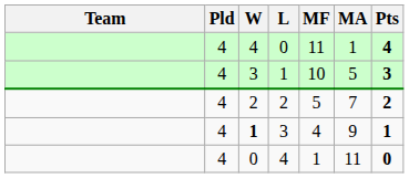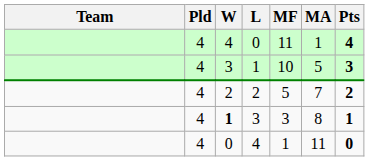 <table class=wikitable style="text-align:center">
 <tr>
 <th width=175>Team</th>
 <th width=20>Pld</th>
 <th width=20>W</th>
 <th width=20>L</th>
 <th width=20>MF</th>
 <th width=20>MA</th>
 <th width=20>Pts</th>
 </tr>
 <tr bgcolor=ccffcc>
 <td style="text-align:left"></td>
 <td>4</td>
 <td>4</td>
 <td>0</td>
 <td>11</td>
 <td>1</td>
 <td><strong>4</strong></td>
 </tr>
 <tr bgcolor=ccffcc style="border-bottom:2px solid green;">
 <td style="text-align:left"></td>
 <td>4</td>
 <td>3</td>
 <td>1</td>
 <td>10</td>
 <td>5</td>
 <td><strong>3</strong></td>
 </tr>
 <tr>
 <td style="text-align:left"></td>
 <td>4</td>
 <td>2</td>
 <td>2</td>
 <td>5</td>
 <td>7</td>
 <td><strong>2</strong></td>
 </tr>
 <tr>
 <td style="text-align:left"></td>
 <td>4</td>
 <td><strong>1</strong></td>
 <td>3</td>
-<td>4</td>
-<td>9</td>
+<td>3</td>
+<td>8</td>
 <td><strong>1</strong></td>
 </tr>
 <tr>
 <td style="text-align:left"></td>
 <td>4</td>
 <td>0</td>
 <td>4</td>
 <td>1</td>
 <td>11</td>
 <td><strong>0</strong></td>
 </tr>
 </table>
